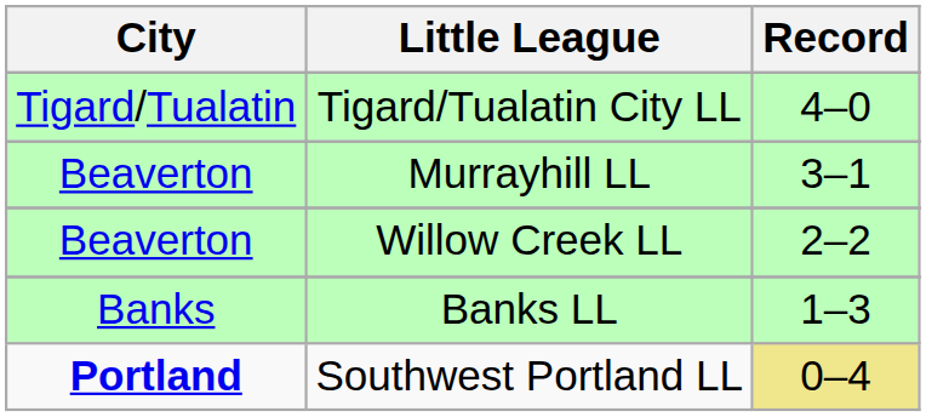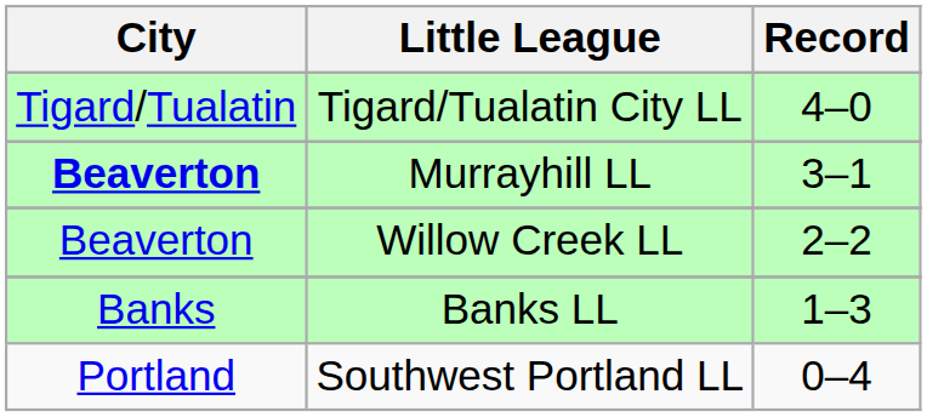 <table class="wikitable">
 <tr>
 <th>City</th>
 <th>Little League</th>
 <th>Record</th>
 </tr>
 <tr>
 </tr>
 <tr bgcolor=#bbffbb>
 <td align=center> <a href='#'>Tigard</a>/<a href='#'>Tualatin</a></td>
 <td align=center>Tigard/Tualatin City LL</td>
 <td align=center>4–0</td>
 </tr>
 <tr>
 </tr>
 <tr bgcolor=#bbffbb>
-<td align=center> <a href='#'>Beaverton</a></td>
+<td align=center><strong> <a href='#'>Beaverton</a></strong></td>
 <td align=center>Murrayhill LL</td>
 <td align=center>3–1</td>
 </tr>
 <tr>
 </tr>
 <tr bgcolor=#bbffbb>
 <td align=center> <a href='#'>Beaverton</a></td>
 <td align=center>Willow Creek LL</td>
 <td align=center>2–2</td>
 </tr>
 <tr>
 </tr>
 <tr bgcolor=#bbffbb>
 <td align=center> <a href='#'>Banks</a></td>
 <td align=center>Banks LL</td>
 <td align=center>1–3</td>
 </tr>
 <tr>
-<td align=center><strong> <a href='#'>Portland</a></strong></td>
+<td align=center> <a href='#'>Portland</a></td>
 <td align=center>Southwest Portland LL</td>
-<td align=center style="background: khaki;">0–4</td>
+<td align=center>0–4</td>
 </tr>
 </table>
